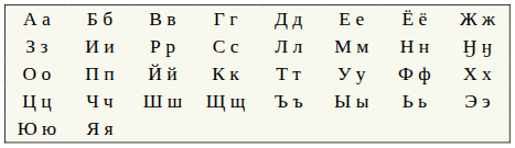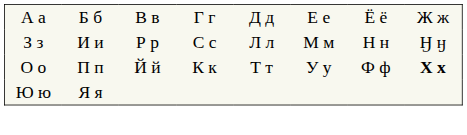 <table style="font-family:Times New Roman; font-size:1.4em; border-color:black; border-width:1px; border-style:solid; border-collapse:collapse; background-color:#F8F8EF">
 <tr>
 <td style="width:3em; text-align:center; padding: 3px;">А а</td>
 <td style="width:3em; text-align:center; padding: 3px;">Б б</td>
 <td style="width:3em; text-align:center; padding: 3px;">В в</td>
 <td style="width:3em; text-align:center; padding: 3px;">Г г</td>
 <td style="width:3em; text-align:center; padding: 3px;">Д д</td>
 <td style="width:3em; text-align:center; padding: 3px;">Е е</td>
 <td style="width:3em; text-align:center; padding: 3px;">Ё ё</td>
 <td style="width:3em; text-align:center; padding: 3px;">Ж ж</td>
 </tr>
 <tr>
 <td style="width:3em; text-align:center; padding: 3px;">З з</td>
 <td style="width:3em; text-align:center; padding: 3px;">И и</td>
 <td style="width:3em; text-align:center; padding: 3px;">Р р</td>
 <td style="width:3em; text-align:center; padding: 3px;">С с</td>
 <td style="width:3em; text-align:center; padding: 3px;">Л л</td>
 <td style="width:3em; text-align:center; padding: 3px;">М м</td>
 <td style="width:3em; text-align:center; padding: 3px;">Н н</td>
 <td style="width:3em; text-align:center; padding: 3px;">Ӈ ӈ</td>
 </tr>
 <tr>
 <td style="width:3em; text-align:center; padding: 3px;">О о</td>
 <td style="width:3em; text-align:center; padding: 3px;">П п</td>
 <td style="width:3em; text-align:center; padding: 3px;">Й й</td>
 <td style="width:3em; text-align:center; padding: 3px;">К к</td>
 <td style="width:3em; text-align:center; padding: 3px;">Т т</td>
 <td style="width:3em; text-align:center; padding: 3px;">У у</td>
 <td style="width:3em; text-align:center; padding: 3px;">Ф ф</td>
-<td style="width:3em; text-align:center; padding: 3px;">Х х</td>
-</tr>
-<tr>
-<td style="width:3em; text-align:center; padding: 3px;">Ц ц</td>
-<td style="width:3em; text-align:center; padding: 3px;">Ч ч</td>
-<td style="width:3em; text-align:center; padding: 3px;">Ш ш</td>
-<td style="width:3em; text-align:center; padding: 3px;">Щ щ</td>
-<td style="width:3em; text-align:center; padding: 3px;">Ъ ъ</td>
-<td style="width:3em; text-align:center; padding: 3px;">Ы ы</td>
-<td style="width:3em; text-align:center; padding: 3px;">Ь ь</td>
-<td style="width:3em; text-align:center; padding: 3px;">Э э</td>
+<td style="width:3em; text-align:center; padding: 3px;"><strong>Х х</strong></td>
 </tr>
 <tr>
 <td style="width:3em; text-align:center; padding: 3px;">Ю ю</td>
 <td style="width:3em; text-align:center; padding: 3px;">Я я</td>
 <td></td>
 <td></td>
 <td></td>
 <td></td>
 <td></td>
 <td></td>
 </tr>
 </table>
